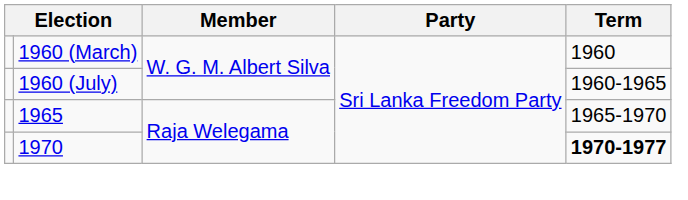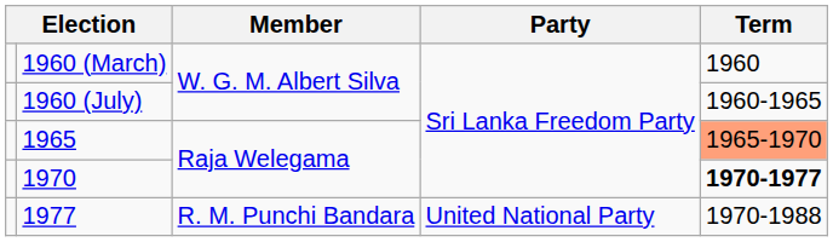 <table class="wikitable">
 <tr>
 <th colspan="2">Election</th>
 <th>Member</th>
 <th>Party</th>
 <th>Term</th>
 </tr>
 <tr>
 <td style="background-color: "></td>
 <td><a href='#'>1960 (March)</a></td>
 <td rowspan=2><a href='#'>W. G. M. Albert Silva</a></td>
 <td rowspan=4><a href='#'>Sri Lanka Freedom Party</a></td>
 <td>1960</td>
 </tr>
 <tr>
 <td style="background-color: "></td>
 <td><a href='#'>1960 (July)</a></td>
 <td>1960-1965</td>
 </tr>
 <tr>
 <td style="background-color: "></td>
 <td><a href='#'>1965</a></td>
 <td rowspan=2><a href='#'>Raja Welegama</a></td>
-<td>1965-1970</td>
+<td style="background: lightsalmon;">1965-1970</td>
 </tr>
 <tr>
 <td style="background-color: "></td>
 <td><a href='#'>1970</a></td>
 <td><strong>1970-1977</strong></td>
 </tr>
+<tr>
+<td style="background-color: "></td>
+<td><a href='#'>1977</a></td>
+<td><a href='#'>R. M. Punchi Bandara</a></td>
+<td><a href='#'>United National Party</a></td>
+<td>1970-1988</td>
+</tr>
 </table>
